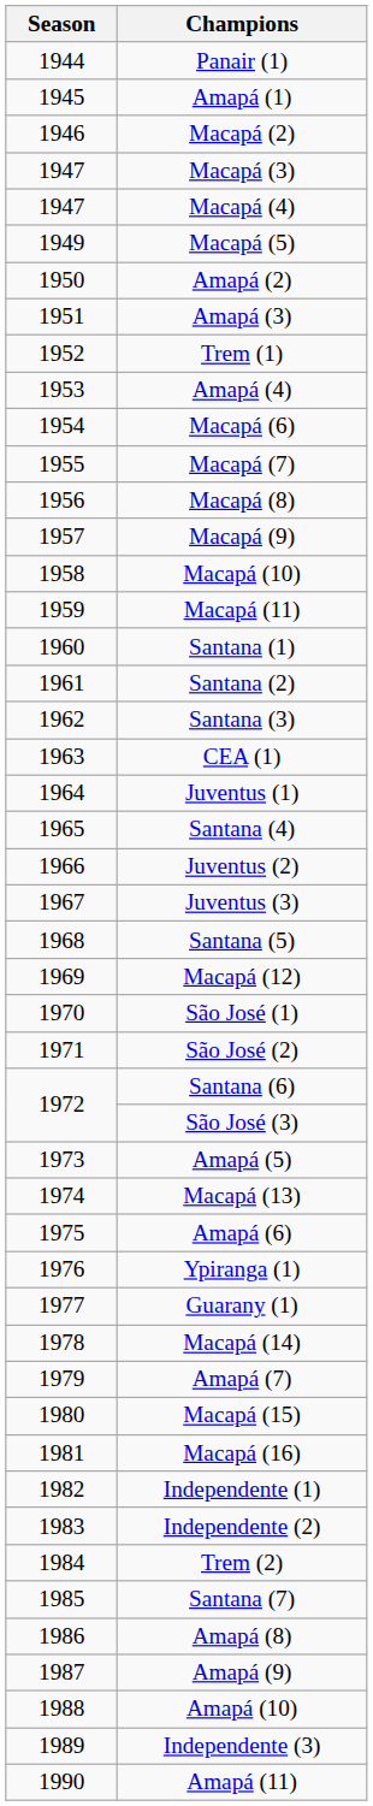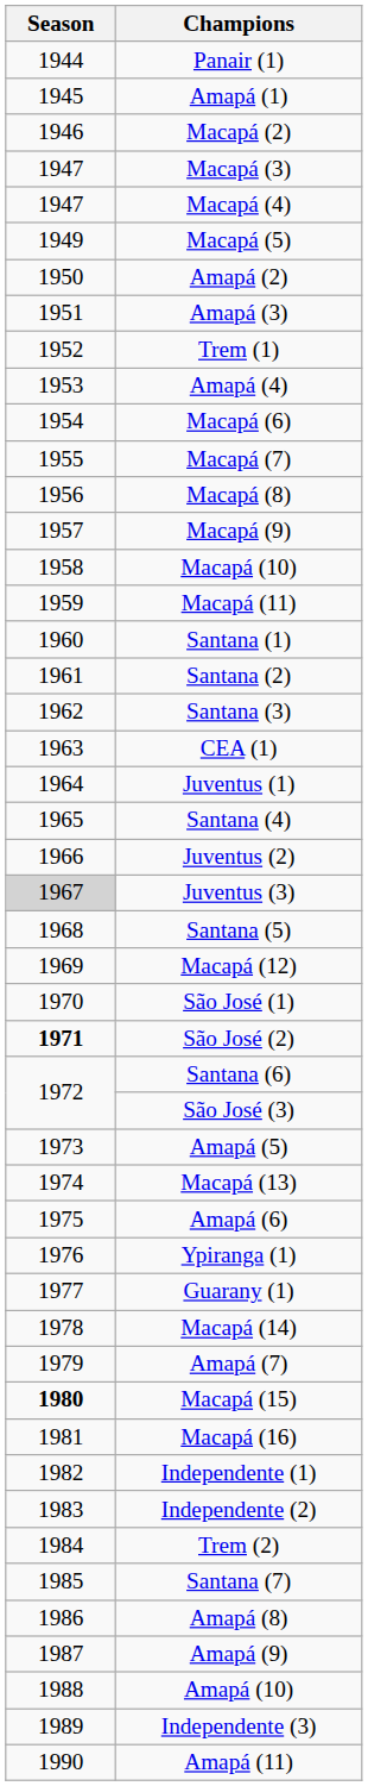 <table class="wikitable" style="text-align:center; margin-left:1em;">
 <tr>
 <th style="width:70px">Season</th>
 <th style="width:165px">Champions</th>
 </tr>
 <tr>
 <td>1944</td>
 <td><a href='#'>Panair</a> (1)</td>
 </tr>
 <tr>
 <td>1945</td>
 <td><a href='#'>Amapá</a> (1)</td>
 </tr>
 <tr>
 <td>1946</td>
 <td><a href='#'>Macapá</a> (2)</td>
 </tr>
 <tr>
 <td>1947</td>
 <td><a href='#'>Macapá</a> (3)</td>
 </tr>
 <tr>
 <td>1947</td>
 <td><a href='#'>Macapá</a> (4)</td>
 </tr>
 <tr>
 <td>1949</td>
 <td><a href='#'>Macapá</a> (5)</td>
 </tr>
 <tr>
 <td>1950</td>
 <td><a href='#'>Amapá</a> (2)</td>
 </tr>
 <tr>
 <td>1951</td>
 <td><a href='#'>Amapá</a> (3)</td>
 </tr>
 <tr>
 <td>1952</td>
 <td><a href='#'>Trem</a> (1)</td>
 </tr>
 <tr>
 <td>1953</td>
 <td><a href='#'>Amapá</a> (4)</td>
 </tr>
 <tr>
 <td>1954</td>
 <td><a href='#'>Macapá</a> (6)</td>
 </tr>
 <tr>
 <td>1955</td>
 <td><a href='#'>Macapá</a> (7)</td>
 </tr>
 <tr>
 <td>1956</td>
 <td><a href='#'>Macapá</a> (8)</td>
 </tr>
 <tr>
 <td>1957</td>
 <td><a href='#'>Macapá</a> (9)</td>
 </tr>
 <tr>
 <td>1958</td>
 <td><a href='#'>Macapá</a> (10)</td>
 </tr>
 <tr>
 <td>1959</td>
 <td><a href='#'>Macapá</a> (11)</td>
 </tr>
 <tr>
 <td>1960</td>
 <td><a href='#'>Santana</a> (1)</td>
 </tr>
 <tr>
 <td>1961</td>
 <td><a href='#'>Santana</a> (2)</td>
 </tr>
 <tr>
 <td>1962</td>
 <td><a href='#'>Santana</a> (3)</td>
 </tr>
 <tr>
 <td>1963</td>
 <td><a href='#'>CEA</a> (1)</td>
 </tr>
 <tr>
 <td>1964</td>
 <td><a href='#'>Juventus</a> (1)</td>
 </tr>
 <tr>
 <td>1965</td>
 <td><a href='#'>Santana</a> (4)</td>
 </tr>
 <tr>
 <td>1966</td>
 <td><a href='#'>Juventus</a> (2)</td>
 </tr>
 <tr>
-<td>1967</td>
+<td style="background: lightgrey;">1967</td>
 <td><a href='#'>Juventus</a> (3)</td>
 </tr>
 <tr>
 <td>1968</td>
 <td><a href='#'>Santana</a> (5)</td>
 </tr>
 <tr>
 <td>1969</td>
 <td><a href='#'>Macapá</a> (12)</td>
 </tr>
 <tr>
 <td>1970</td>
 <td><a href='#'>São José</a> (1)</td>
 </tr>
 <tr>
-<td>1971</td>
+<td><strong>1971</strong></td>
 <td><a href='#'>São José</a> (2)</td>
 </tr>
 <tr>
 <td rowspan=2>1972</td>
 <td><a href='#'>Santana</a> (6)</td>
 </tr>
 <tr>
 <td><a href='#'>São José</a> (3)</td>
 </tr>
 <tr>
 <td>1973</td>
 <td><a href='#'>Amapá</a> (5)</td>
 </tr>
 <tr>
 <td>1974</td>
 <td><a href='#'>Macapá</a> (13)</td>
 </tr>
 <tr>
 <td>1975</td>
 <td><a href='#'>Amapá</a> (6)</td>
 </tr>
 <tr>
 <td>1976</td>
 <td><a href='#'>Ypiranga</a> (1)</td>
 </tr>
 <tr>
 <td>1977</td>
 <td><a href='#'>Guarany</a> (1)</td>
 </tr>
 <tr>
 <td>1978</td>
 <td><a href='#'>Macapá</a> (14)</td>
 </tr>
 <tr>
 <td>1979</td>
 <td><a href='#'>Amapá</a> (7)</td>
 </tr>
 <tr>
-<td>1980</td>
+<td><strong>1980</strong></td>
 <td><a href='#'>Macapá</a> (15)</td>
 </tr>
 <tr>
 <td>1981</td>
 <td><a href='#'>Macapá</a> (16)</td>
 </tr>
 <tr>
 <td>1982</td>
 <td><a href='#'>Independente</a> (1)</td>
 </tr>
 <tr>
 <td>1983</td>
 <td><a href='#'>Independente</a> (2)</td>
 </tr>
 <tr>
 <td>1984</td>
 <td><a href='#'>Trem</a> (2)</td>
 </tr>
 <tr>
 <td>1985</td>
 <td><a href='#'>Santana</a> (7)</td>
 </tr>
 <tr>
 <td>1986</td>
 <td><a href='#'>Amapá</a> (8)</td>
 </tr>
 <tr>
 <td>1987</td>
 <td><a href='#'>Amapá</a> (9)</td>
 </tr>
 <tr>
 <td>1988</td>
 <td><a href='#'>Amapá</a> (10)</td>
 </tr>
 <tr>
 <td>1989</td>
 <td><a href='#'>Independente</a> (3)</td>
 </tr>
 <tr>
 <td>1990</td>
 <td><a href='#'>Amapá</a> (11)</td>
 </tr>
 </table>
